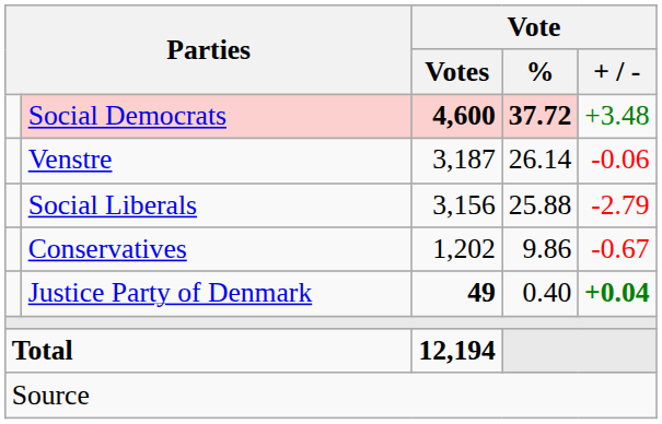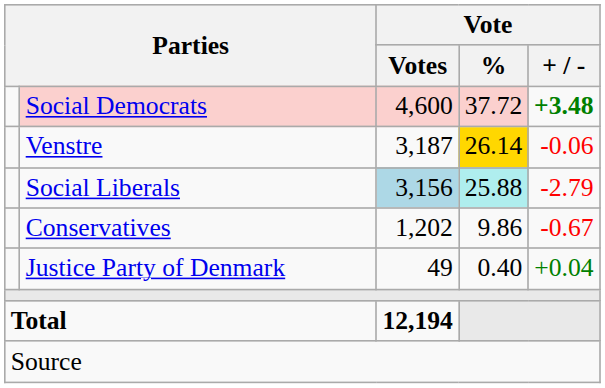 <table class="wikitable" style="text-align:right;">
 <tr>
 <th style="text-align:centre;" rowspan="2" colspan="2" width="225">Parties</th>
 <th colspan="3">Vote</th>
 </tr>
 <tr>
 <th width="15">Votes</th>
 <th width="15">%</th>
 <th width="15">+ / -</th>
 </tr>
 <tr>
 <td width="2" style="color:inherit;background:"></td>
 <td bgcolor=#fbd0ce  align="left"><a href='#'>Social Democrats</a></td>
-<td bgcolor=#fbd0ce><strong>4,600</strong></td>
-<td bgcolor=#fbd0ce><strong>37.72</strong></td>
-<td style=color:green;>+3.48</td>
+<td bgcolor=#fbd0ce>4,600</td>
+<td bgcolor=#fbd0ce>37.72</td>
+<td style=color:green;><strong>+3.48</strong></td>
 </tr>
 <tr>
 <td width="2" style="color:inherit;background:"></td>
 <td align="left"><a href='#'>Venstre</a></td>
 <td>3,187</td>
-<td>26.14</td>
+<td style="background: gold;">26.14</td>
 <td style=color:red;>-0.06</td>
 </tr>
 <tr>
 <td width="2" style="color:inherit;background:"></td>
 <td align="left"><a href='#'>Social Liberals</a></td>
-<td>3,156</td>
-<td>25.88</td>
+<td style="background: lightblue;">3,156</td>
+<td style="background: paleturquoise;">25.88</td>
 <td style=color:red;>-2.79</td>
 </tr>
 <tr>
 <td width="2" style="color:inherit;background:"></td>
 <td align="left"><a href='#'>Conservatives</a></td>
 <td>1,202</td>
 <td>9.86</td>
 <td style=color:red;>-0.67</td>
 </tr>
 <tr>
 <td width="2" style="color:inherit;background:"></td>
 <td align="left"><a href='#'>Justice Party of Denmark</a></td>
-<td><strong>49</strong></td>
+<td>49</td>
 <td>0.40</td>
-<td style=color:green;><strong>+0.04</strong></td>
+<td style=color:green;>+0.04</td>
 </tr>
 <tr>
 <td colspan="7" bgcolor="#E9E9E9"></td>
 </tr>
 <tr>
 <td align="left" colspan="2"><strong>Total</strong></td>
 <td><strong>12,194</strong></td>
 <td bgcolor="#E9E9E9" colspan="2"></td>
 </tr>
 <tr>
 <td align="left" colspan="6">Source</td>
 </tr>
 </table>
